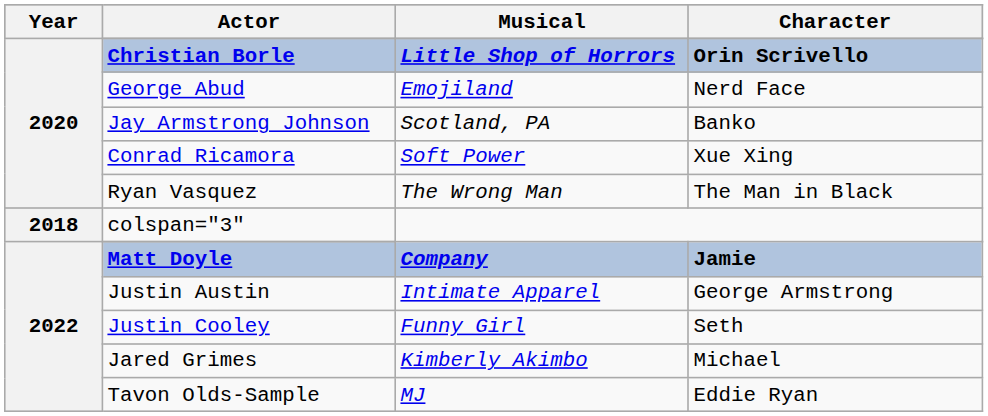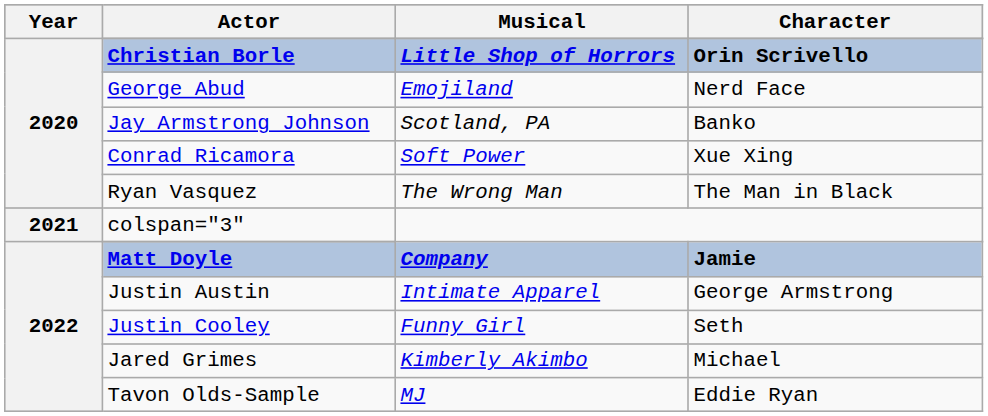 <table class="wikitable" style="width:98%;">
 <tr style="background:#bebebe;">
 <th style="width:10%;">Year</th>
 <th style="width:30%;">Actor</th>
 <th style="width:30%;">Musical</th>
 <th style="width:30%;">Character</th>
 </tr>
 <tr>
 <th rowspan="6">2020</th>
 </tr>
 <tr style="background:#B0C4DE">
 <td><strong><a href='#'>Christian Borle</a></strong></td>
 <td><strong><em><a href='#'>Little Shop of Horrors</a></em></strong></td>
 <td><strong>Orin Scrivello</strong></td>
 </tr>
 <tr>
 <td><a href='#'>George Abud</a></td>
 <td><em><a href='#'>Emojiland</a></em></td>
 <td>Nerd Face</td>
 </tr>
 <tr>
 <td><a href='#'>Jay Armstrong Johnson</a></td>
 <td><em>Scotland, PA</em></td>
 <td>Banko</td>
 </tr>
 <tr>
 <td><a href='#'>Conrad Ricamora</a></td>
 <td><em><a href='#'>Soft Power</a></em></td>
 <td>Xue Xing</td>
 </tr>
 <tr>
 <td>Ryan Vasquez</td>
 <td><em>The Wrong Man</em></td>
 <td>The Man in Black</td>
 </tr>
 <tr>
-<th>2018</th>
+<th>2021</th>
 <td>colspan="3" </td>
 </tr>
 <tr>
 <th rowspan="6">2022</th>
 </tr>
 <tr style="background:#B0C4DE">
 <td><strong><a href='#'>Matt Doyle</a></strong></td>
 <td><strong><em><a href='#'>Company</a></em></strong></td>
 <td><strong>Jamie</strong></td>
 </tr>
 <tr>
 <td>Justin Austin</td>
 <td><em><a href='#'>Intimate Apparel</a></em></td>
 <td>George Armstrong</td>
 </tr>
 <tr>
 <td><a href='#'>Justin Cooley</a></td>
 <td><em><a href='#'>Funny Girl</a></em></td>
 <td>Seth</td>
 </tr>
 <tr>
 <td>Jared Grimes</td>
 <td><em><a href='#'>Kimberly Akimbo</a></em></td>
 <td>Michael</td>
 </tr>
 <tr>
 <td>Tavon Olds-Sample</td>
 <td><em><a href='#'>MJ</a></em></td>
 <td>Eddie Ryan</td>
 </tr>
 </table>
